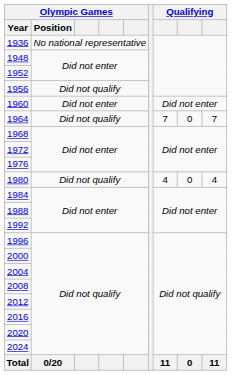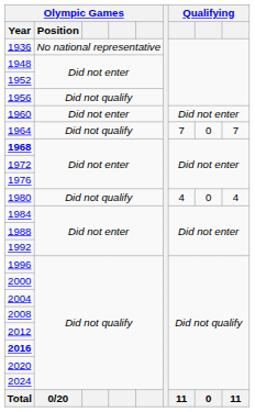 <table class="wikitable" style="text-align: center;font-size:90%;">
 <tr>
 <th colspan=5><a href='#'>Olympic Games</a></th>
 <th rowspan=24></th>
 <th colspan=3><a href='#'>Qualifying</a></th>
 </tr>
 <tr>
 <th>Year</th>
 <th>Position</th>
 <th width=30></th>
 <th width=30></th>
 <th width=30></th>
 <th width=30></th>
 <th width=30></th>
 <th width=30></th>
 </tr>
 <tr>
 <td> <a href='#'>1936</a></td>
 <td colspan=4><em>No national representative</em></td>
 </tr>
 <tr>
 <td> <a href='#'>1948</a></td>
 <td colspan=4 rowspan=2><em>Did not enter</em></td>
 </tr>
 <tr>
 <td> <a href='#'>1952</a></td>
 </tr>
 <tr>
 <td> <a href='#'>1956</a></td>
 <td colspan=4><em>Did not qualify</em></td>
 </tr>
 <tr>
 <td> <a href='#'>1960</a></td>
 <td colspan=4><em>Did not enter</em></td>
 <td colspan=3><em>Did not enter</em></td>
 </tr>
 <tr>
 <td> <a href='#'>1964</a></td>
 <td colspan=4><em>Did not qualify</em></td>
 <td>7</td>
 <td>0</td>
 <td>7</td>
 </tr>
 <tr>
-<td> <a href='#'>1968</a></td>
+<td><strong> <a href='#'>1968</a></strong></td>
 <td colspan=4 rowspan=3><em>Did not enter</em></td>
 <td colspan=3 rowspan=3><em>Did not enter</em></td>
 </tr>
 <tr>
 <td> <a href='#'>1972</a></td>
 </tr>
 <tr>
 <td> <a href='#'>1976</a></td>
 </tr>
 <tr>
 <td> <a href='#'>1980</a></td>
 <td colspan=4><em>Did not qualify</em></td>
 <td>4</td>
 <td>0</td>
 <td>4</td>
 </tr>
 <tr>
 <td> <a href='#'>1984</a></td>
 <td colspan=4 rowspan=3><em>Did not enter</em></td>
 <td colspan=3 rowspan=3><em>Did not enter</em></td>
 </tr>
 <tr>
 <td> <a href='#'>1988</a></td>
 </tr>
 <tr>
 <td> <a href='#'>1992</a></td>
 </tr>
 <tr>
 <td> <a href='#'>1996</a></td>
 <td colspan=4 rowspan=8><em>Did not qualify</em></td>
 <td colspan=3 rowspan=8><em>Did not qualify</em></td>
 </tr>
 <tr>
 <td> <a href='#'>2000</a></td>
 </tr>
 <tr>
 <td> <a href='#'>2004</a></td>
 </tr>
 <tr>
 <td> <a href='#'>2008</a></td>
 </tr>
 <tr>
 <td> <a href='#'>2012</a></td>
 </tr>
 <tr>
-<td> <a href='#'>2016</a></td>
+<td><strong> <a href='#'>2016</a></strong></td>
 </tr>
 <tr>
 <td> <a href='#'>2020</a></td>
 </tr>
 <tr>
 <td> <a href='#'>2024</a></td>
 </tr>
 <tr>
 <th>Total</th>
 <th>0/20</th>
 <th></th>
 <th></th>
 <th></th>
 <th>11</th>
 <th>0</th>
 <th>11</th>
 </tr>
 </table>
